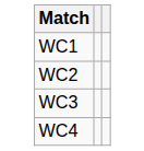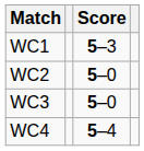 <table class="wikitable" style="font-size: 100%; margin: 1em auto 1em auto;">
 <tr>
 <th>Match</th>
 <th></th>
+<th>Score</th>
 <th></th>
 </tr>
 <tr>
 <td>WC1</td>
 <td><strong></strong></td>
+<td align="center"><strong>5</strong>–3</td>
 <td></td>
 </tr>
 <tr>
 <td>WC2</td>
 <td><strong></strong></td>
+<td align="center"><strong>5</strong>–0</td>
 <td></td>
 </tr>
 <tr>
 <td>WC3</td>
 <td><strong></strong></td>
+<td align="center"><strong>5</strong>–0</td>
 <td></td>
 </tr>
 <tr>
 <td>WC4</td>
 <td><strong></strong></td>
+<td align="center"><strong>5</strong>–4</td>
 <td></td>
 </tr>
 </table>
